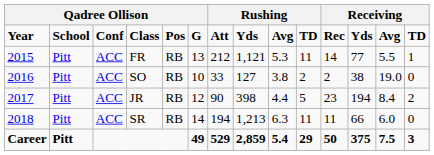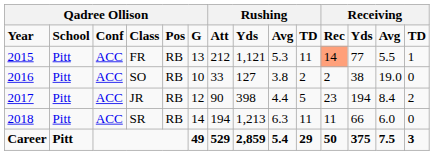 <table class="wikitable">
 <tr>
 <th colspan="6" style="text-align: center; font-weight:bold;">Qadree Ollison</th>
 <th colspan="4" style="text-align: center; font-weight:bold;">Rushing</th>
 <th colspan="4" style="text-align: center; font-weight:bold;">Receiving</th>
 </tr>
 <tr>
 <td style="font-weight:bold;">Year</td>
 <td style="font-weight:bold;">School</td>
 <td style="font-weight:bold;">Conf</td>
 <td style="font-weight:bold;">Class</td>
 <td style="font-weight:bold;">Pos</td>
 <td style="font-weight:bold;">G</td>
 <td style="font-weight:bold;">Att</td>
 <td style="font-weight:bold;">Yds</td>
 <td style="font-weight:bold;">Avg</td>
 <td style="font-weight:bold;">TD</td>
 <td style="font-weight:bold;">Rec</td>
 <td style="font-weight:bold;">Yds</td>
 <td style="font-weight:bold;">Avg</td>
 <td style="font-weight:bold;">TD</td>
 </tr>
 <tr>
 <td><a href='#'>2015</a></td>
 <td><a href='#'>Pitt</a></td>
 <td><a href='#'>ACC</a></td>
 <td>FR</td>
 <td>RB</td>
 <td>13</td>
 <td>212</td>
 <td>1,121</td>
 <td>5.3</td>
 <td>11</td>
-<td>14</td>
+<td style="background: lightsalmon;">14</td>
 <td>77</td>
 <td>5.5</td>
 <td>1</td>
 </tr>
 <tr>
 <td><a href='#'>2016</a></td>
 <td><a href='#'>Pitt</a></td>
 <td><a href='#'>ACC</a></td>
 <td>SO</td>
 <td>RB</td>
 <td>10</td>
 <td>33</td>
 <td>127</td>
 <td>3.8</td>
 <td>2</td>
 <td>2</td>
 <td>38</td>
 <td>19.0</td>
 <td>0</td>
 </tr>
 <tr>
 <td><a href='#'>2017</a></td>
 <td><a href='#'>Pitt</a></td>
 <td><a href='#'>ACC</a></td>
 <td>JR</td>
 <td>RB</td>
 <td>12</td>
 <td>90</td>
 <td>398</td>
 <td>4.4</td>
 <td>5</td>
 <td>23</td>
 <td>194</td>
 <td>8.4</td>
 <td>2</td>
 </tr>
 <tr>
 <td><a href='#'>2018</a></td>
 <td><a href='#'>Pitt</a></td>
 <td><a href='#'>ACC</a></td>
 <td>SR</td>
 <td>RB</td>
 <td>14</td>
 <td>194</td>
 <td>1,213</td>
 <td>6.3</td>
 <td>11</td>
 <td>11</td>
 <td>66</td>
 <td>6.0</td>
 <td>0</td>
 </tr>
 <tr>
 <td style="font-weight:bold;">Career</td>
 <td style="font-weight:bold;">Pitt</td>
 <td colspan="3" style="font-weight:bold;"></td>
 <td style="font-weight:bold;">49</td>
 <td style="font-weight:bold;">529</td>
 <td style="font-weight:bold;">2,859</td>
 <td style="font-weight:bold;">5.4</td>
 <td style="font-weight:bold;">29</td>
 <td style="font-weight:bold;">50</td>
 <td style="font-weight:bold;">375</td>
 <td style="font-weight:bold;">7.5</td>
 <td style="font-weight:bold;">3</td>
 </tr>
 </table>
